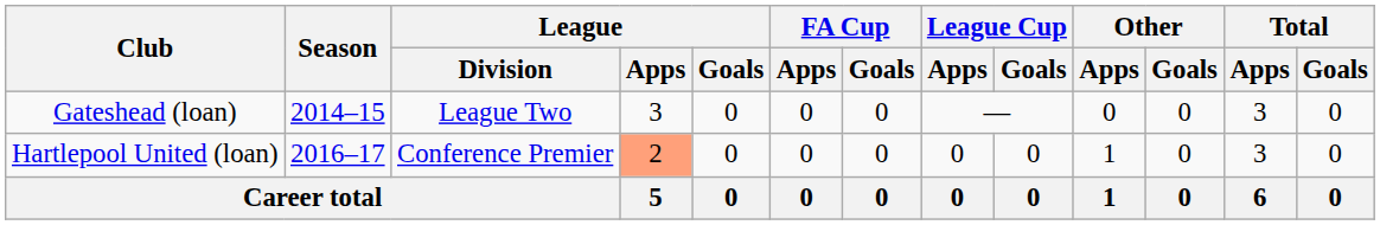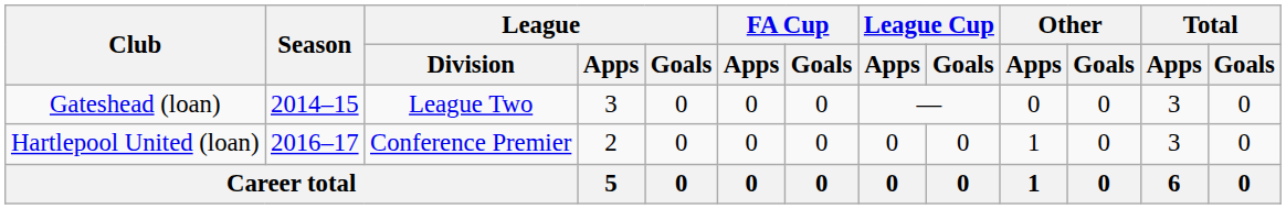 <table class="wikitable" style="text-align:center">
 <tr>
 <th rowspan="2">Club</th>
 <th rowspan="2">Season</th>
 <th colspan="3">League</th>
 <th colspan="2"><a href='#'>FA Cup</a></th>
 <th colspan="2"><a href='#'>League Cup</a></th>
 <th colspan="2">Other</th>
 <th colspan="2">Total</th>
 </tr>
 <tr>
 <th>Division</th>
 <th>Apps</th>
 <th>Goals</th>
 <th>Apps</th>
 <th>Goals</th>
 <th>Apps</th>
 <th>Goals</th>
 <th>Apps</th>
 <th>Goals</th>
 <th>Apps</th>
 <th>Goals</th>
 </tr>
 <tr>
 <td><a href='#'>Gateshead</a> (loan)</td>
 <td><a href='#'>2014–15</a></td>
 <td><a href='#'>League Two</a></td>
 <td>3</td>
 <td>0</td>
 <td>0</td>
 <td>0</td>
 <td colspan="2">—</td>
 <td>0</td>
 <td>0</td>
 <td>3</td>
 <td>0</td>
 </tr>
 <tr>
 <td><a href='#'>Hartlepool United</a> (loan)</td>
 <td><a href='#'>2016–17</a></td>
 <td><a href='#'>Conference Premier</a></td>
-<td style="background: lightsalmon;">2</td>
+<td>2</td>
 <td>0</td>
 <td>0</td>
 <td>0</td>
 <td>0</td>
 <td>0</td>
 <td>1</td>
 <td>0</td>
 <td>3</td>
 <td>0</td>
 </tr>
 <tr>
 <th colspan="3">Career total</th>
 <th>5</th>
 <th>0</th>
 <th>0</th>
 <th>0</th>
 <th>0</th>
 <th>0</th>
 <th>1</th>
 <th>0</th>
 <th>6</th>
 <th>0</th>
 </tr>
 </table>
